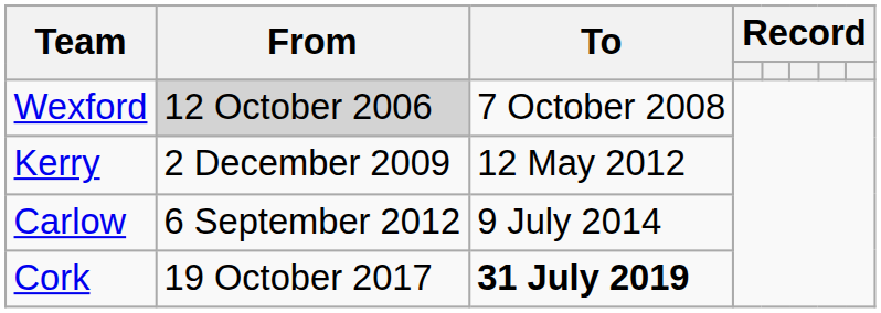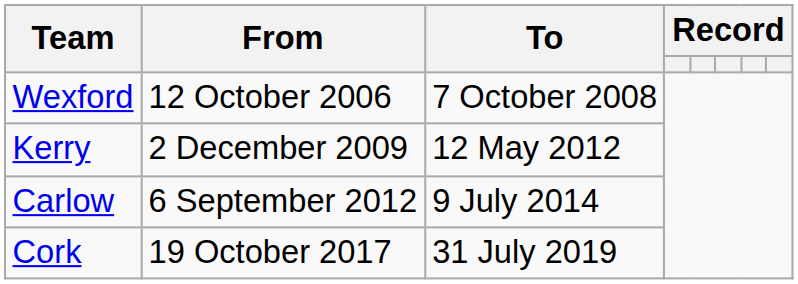 <table class=wikitable style="text-align: center">
 <tr>
 <th rowspan=2>Team</th>
 <th rowspan=2>From</th>
 <th rowspan=2>To</th>
 <th colspan=5>Record</th>
 </tr>
 <tr>
 <th></th>
 <th></th>
 <th></th>
 <th></th>
 <th></th>
 </tr>
 <tr>
 <td align=left><a href='#'>Wexford</a></td>
-<td align=left style="background: lightgrey;">12 October 2006</td>
+<td align=left>12 October 2006</td>
 <td align=left>7 October 2008<br></td>
 </tr>
 <tr>
 <td align=left><a href='#'>Kerry</a></td>
 <td align=left>2 December 2009</td>
 <td align=left>12 May 2012<br></td>
 </tr>
 <tr>
 <td align=left><a href='#'>Carlow</a></td>
 <td align=left>6 September 2012</td>
 <td align=left>9 July 2014<br></td>
 </tr>
 <tr>
 <td align=left><a href='#'>Cork</a></td>
 <td align=left>19 October 2017</td>
-<td align=left><strong>31 July 2019<br></strong></td>
+<td align=left>31 July 2019<br></td>
 </tr>
 </table>
